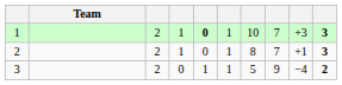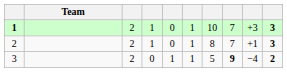 <table class="wikitable" style="text-align: center;">
 <tr>
 <th width="25"></th>
 <th width="150">Team</th>
 <th width="25"></th>
 <th width="25"></th>
 <th width="25"></th>
 <th width="25"></th>
 <th width="25"></th>
 <th width="25"></th>
 <th width="25"></th>
 <th width="25"></th>
 </tr>
 <tr align=center style="background:#ccffcc;">
-<td>1</td>
+<td><strong>1</strong></td>
 <td style="text-align:left;"><strong></strong></td>
 <td>2</td>
 <td>1</td>
-<td><strong>0</strong></td>
+<td>0</td>
 <td>1</td>
 <td>10</td>
 <td>7</td>
 <td>+3</td>
 <td><strong>3</strong></td>
 </tr>
 <tr align=center>
 <td>2</td>
 <td style="text-align:left;"></td>
 <td>2</td>
 <td>1</td>
 <td>0</td>
 <td>1</td>
 <td>8</td>
 <td>7</td>
 <td>+1</td>
 <td><strong>3</strong></td>
 </tr>
 <tr align=center>
 <td>3</td>
 <td style="text-align:left;"></td>
 <td>2</td>
 <td>0</td>
 <td>1</td>
 <td>1</td>
 <td>5</td>
-<td>9</td>
+<td><strong>9</strong></td>
 <td>−4</td>
 <td><strong>2</strong></td>
 </tr>
 </table>
